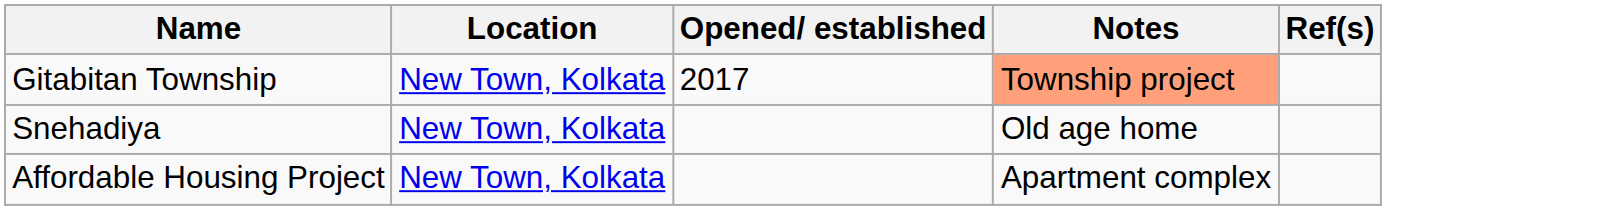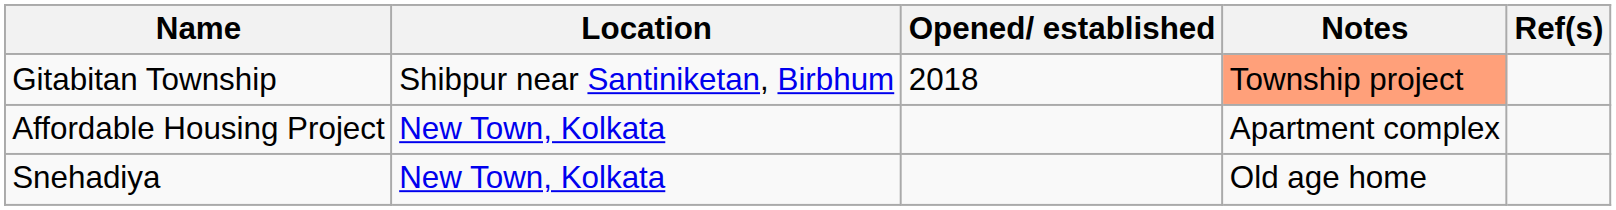 <table class="wikitable">
 <tr>
 <th>Name</th>
 <th>Location</th>
 <th>Opened/ established</th>
 <th>Notes</th>
 <th>Ref(s)</th>
 </tr>
 <tr>
 <td>Gitabitan Township</td>
+<td>Shibpur near <a href='#'>Santiniketan</a>, <a href='#'>Birbhum</a></td>
+<td>2018</td>
+<td style="background: lightsalmon;">Township project</td>
+<td></td>
+</tr>
+<tr>
+<td>Affordable Housing Project</td>
 <td><a href='#'>New Town, Kolkata</a></td>
-<td>2017</td>
-<td style="background: lightsalmon;">Township project</td>
+<td></td>
+<td>Apartment complex</td>
 <td></td>
 </tr>
 <tr>
 <td>Snehadiya</td>
 <td><a href='#'>New Town, Kolkata</a></td>
 <td></td>
 <td>Old age home</td>
 <td></td>
 </tr>
-<tr>
-<td>Affordable Housing Project</td>
-<td><a href='#'>New Town, Kolkata</a></td>
-<td></td>
-<td>Apartment complex</td>
-<td></td>
-</tr>
 </table>
